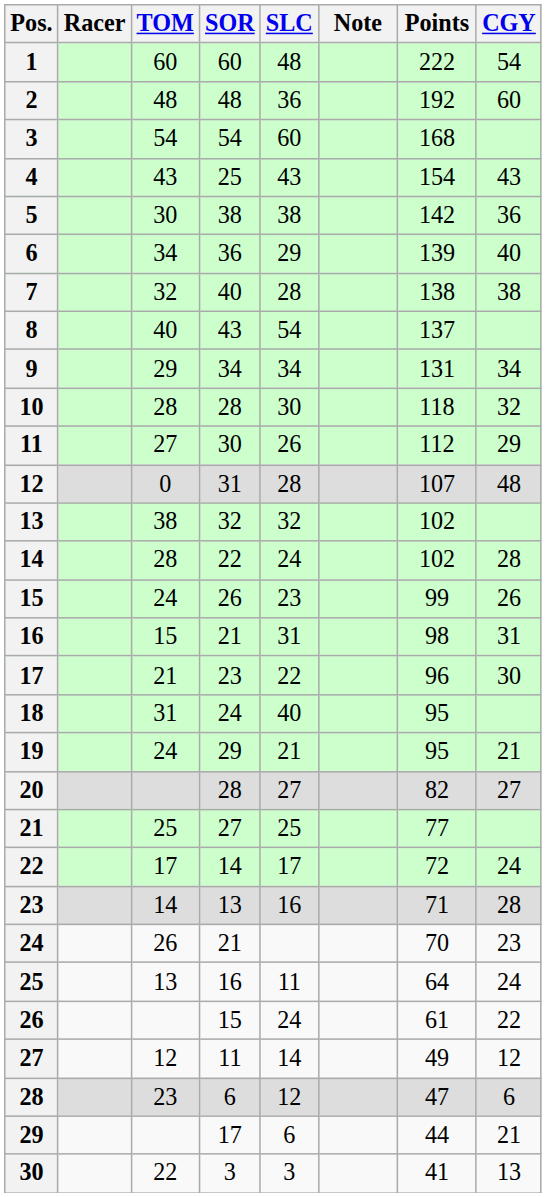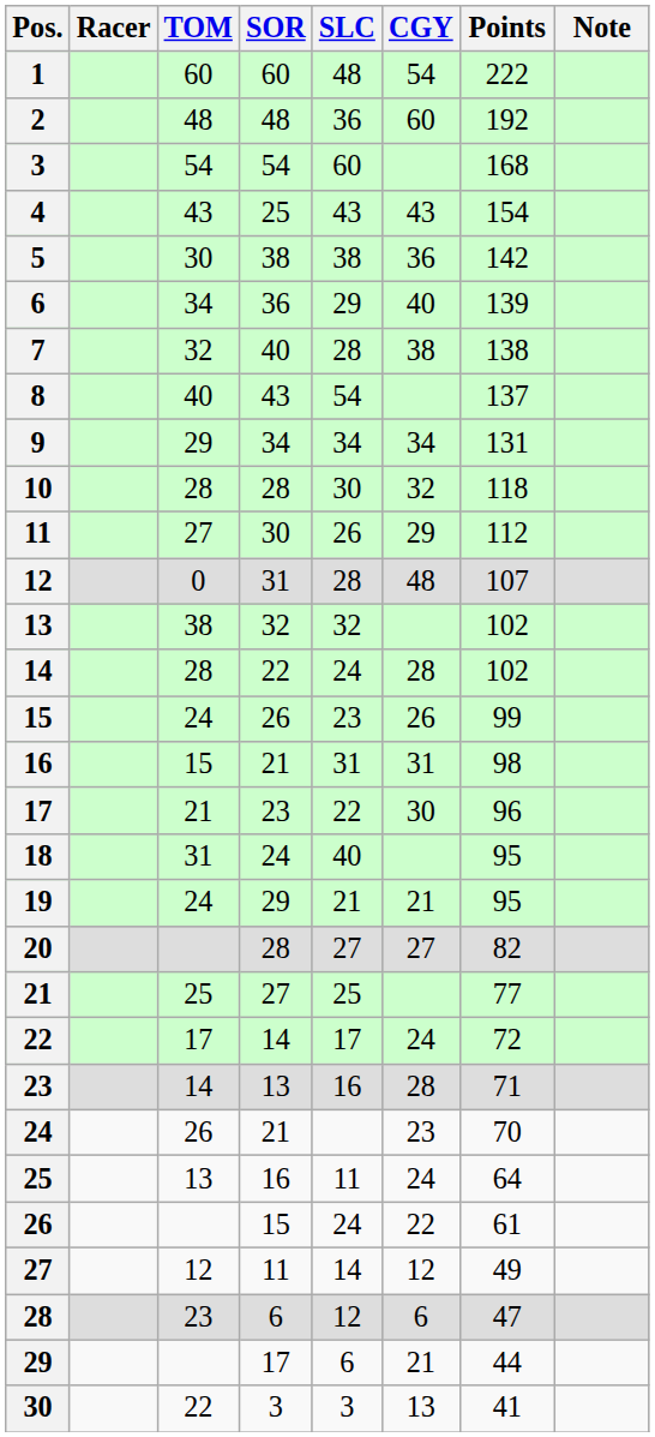 <table class="wikitable sortable plainrowheaders" style="text-align:center;">
 <tr>
 <th scope="col">Pos.</th>
 <th scope="col">Racer</th>
 <th scope="col"> <a href='#'>TOM</a></th>
 <th scope="col"> <a href='#'>SOR</a></th>
 <th scope="col"> <a href='#'>SLC</a></th>
+<th scope="col"> <a href='#'>CGY</a></th>
+<th style="width:45px;">Points</th>
 <th style="width:45px;">Note</th>
-<th style="width:45px;">Points</th>
-<th scope="col"> <a href='#'>CGY</a></th>
 </tr>
 <tr bgcolor=#ccffcc>
 <th style="text - align:center; ">1</th>
 <td align="left"></td>
 <td>60</td>
 <td>60</td>
 <td>48</td>
+<td>54</td>
+<td>222</td>
 <td></td>
-<td>222</td>
-<td>54</td>
 </tr>
 <tr bgcolor=#ccffcc>
 <th style="text - align:center; ">2</th>
 <td align="left"></td>
 <td>48</td>
 <td>48</td>
 <td>36</td>
+<td>60</td>
+<td>192</td>
 <td></td>
-<td>192</td>
-<td>60</td>
 </tr>
 <tr bgcolor=#ccffcc>
 <th style="text - align:center; ">3</th>
 <td align="left"></td>
 <td>54</td>
 <td>54</td>
 <td>60</td>
 <td></td>
 <td>168</td>
 <td></td>
 </tr>
 <tr bgcolor=#ccffcc>
 <th style="text - align:center; ">4</th>
 <td align="left"></td>
 <td>43</td>
 <td>25</td>
 <td>43</td>
+<td>43</td>
+<td>154</td>
 <td></td>
-<td>154</td>
-<td>43</td>
 </tr>
 <tr bgcolor=#ccffcc>
 <th style="text - align:center; ">5</th>
 <td align="left"></td>
 <td>30</td>
 <td>38</td>
 <td>38</td>
+<td>36</td>
+<td>142</td>
 <td></td>
-<td>142</td>
-<td>36</td>
 </tr>
 <tr bgcolor=#ccffcc>
 <th style="text - align:center; ">6</th>
 <td align="left"></td>
 <td>34</td>
 <td>36</td>
 <td>29</td>
+<td>40</td>
+<td>139</td>
 <td></td>
-<td>139</td>
-<td>40</td>
 </tr>
 <tr bgcolor=#ccffcc>
 <th style="text - align:center; ">7</th>
 <td align="left"></td>
 <td>32</td>
 <td>40</td>
 <td>28</td>
+<td>38</td>
+<td>138</td>
 <td></td>
-<td>138</td>
-<td>38</td>
 </tr>
 <tr bgcolor=#ccffcc>
 <th style="text - align:center; ">8</th>
 <td align="left"></td>
 <td>40</td>
 <td>43</td>
 <td>54</td>
 <td></td>
 <td>137</td>
 <td></td>
 </tr>
 <tr bgcolor=#ccffcc>
 <th style="text - align:center; ">9</th>
 <td align="left"></td>
 <td>29</td>
 <td>34</td>
 <td>34</td>
+<td>34</td>
+<td>131</td>
 <td></td>
-<td>131</td>
-<td>34</td>
 </tr>
 <tr bgcolor=#ccffcc>
 <th style="text - align:center; ">10</th>
 <td align="left"></td>
 <td>28</td>
 <td>28</td>
 <td>30</td>
+<td>32</td>
+<td>118</td>
 <td></td>
-<td>118</td>
-<td>32</td>
 </tr>
 <tr bgcolor=#ccffcc>
 <th style="text - align:center; ">11</th>
 <td align="left"></td>
 <td>27</td>
 <td>30</td>
 <td>26</td>
+<td>29</td>
+<td>112</td>
 <td></td>
-<td>112</td>
-<td>29</td>
 </tr>
 <tr bgcolor=#dddddd>
 <th style="text - align:center; ">12</th>
 <td align="left"></td>
 <td>0</td>
 <td>31</td>
 <td>28</td>
+<td>48</td>
+<td>107</td>
 <td></td>
-<td>107</td>
-<td>48</td>
 </tr>
 <tr bgcolor=#ccffcc>
 <th style="text - align:center; ">13</th>
 <td align="left"></td>
 <td>38</td>
 <td>32</td>
 <td>32</td>
 <td></td>
 <td>102</td>
 <td></td>
 </tr>
 <tr bgcolor=#ccffcc>
 <th style="text - align:center; ">14</th>
 <td align="left"></td>
 <td>28</td>
 <td>22</td>
 <td>24</td>
+<td>28</td>
+<td>102</td>
 <td></td>
-<td>102</td>
-<td>28</td>
 </tr>
 <tr bgcolor=#ccffcc>
 <th style="text - align:center; ">15</th>
 <td align="left"></td>
 <td>24</td>
 <td>26</td>
 <td>23</td>
+<td>26</td>
+<td>99</td>
 <td></td>
-<td>99</td>
-<td>26</td>
 </tr>
 <tr bgcolor=#ccffcc>
 <th style="text - align:center; ">16</th>
 <td align="left"></td>
 <td>15</td>
 <td>21</td>
 <td>31</td>
+<td>31</td>
+<td>98</td>
 <td></td>
-<td>98</td>
-<td>31</td>
 </tr>
 <tr bgcolor=#ccffcc>
 <th style="text - align:center; ">17</th>
 <td align="left"></td>
 <td>21</td>
 <td>23</td>
 <td>22</td>
+<td>30</td>
+<td>96</td>
 <td></td>
-<td>96</td>
-<td>30</td>
 </tr>
 <tr bgcolor=#ccffcc>
 <th style="text - align:center; ">18</th>
 <td align="left"></td>
 <td>31</td>
 <td>24</td>
 <td>40</td>
 <td></td>
 <td>95</td>
 <td></td>
 </tr>
 <tr bgcolor=#ccffcc>
 <th style="text - align:center; ">19</th>
 <td align="left"></td>
 <td>24</td>
 <td>29</td>
 <td>21</td>
+<td>21</td>
+<td>95</td>
 <td></td>
-<td>95</td>
-<td>21</td>
 </tr>
 <tr bgcolor=#dddddd>
 <th style="text - align:center; ">20</th>
 <td align="left"></td>
 <td></td>
 <td>28</td>
 <td>27</td>
+<td>27</td>
+<td>82</td>
 <td></td>
-<td>82</td>
-<td>27</td>
 </tr>
 <tr bgcolor=#ccffcc>
 <th style="text - align:center; ">21</th>
 <td align="left"></td>
 <td>25</td>
 <td>27</td>
 <td>25</td>
 <td></td>
 <td>77</td>
 <td></td>
 </tr>
 <tr bgcolor=#ccffcc>
 <th style="text - align:center; ">22</th>
 <td align="left"></td>
 <td>17</td>
 <td>14</td>
 <td>17</td>
+<td>24</td>
+<td>72</td>
 <td></td>
-<td>72</td>
-<td>24</td>
 </tr>
 <tr bgcolor=#dddddd>
 <th style="text - align:center; ">23</th>
 <td align="left"></td>
 <td>14</td>
 <td>13</td>
 <td>16</td>
+<td>28</td>
+<td>71</td>
 <td></td>
-<td>71</td>
-<td>28</td>
 </tr>
 <tr>
 <th style="text - align:center; ">24</th>
 <td align="left"></td>
 <td>26</td>
 <td>21</td>
 <td></td>
+<td>23</td>
+<td>70</td>
 <td></td>
-<td>70</td>
-<td>23</td>
 </tr>
 <tr>
 <th style="text - align:center; ">25</th>
 <td align="left"></td>
 <td>13</td>
 <td>16</td>
 <td>11</td>
+<td>24</td>
+<td>64</td>
 <td></td>
-<td>64</td>
-<td>24</td>
 </tr>
 <tr>
 <th style="text - align:center; ">26</th>
 <td align="left"></td>
 <td></td>
 <td>15</td>
 <td>24</td>
+<td>22</td>
+<td>61</td>
 <td></td>
-<td>61</td>
-<td>22</td>
 </tr>
 <tr>
 <th style="text - align:center; ">27</th>
 <td align="left"></td>
 <td>12</td>
 <td>11</td>
 <td>14</td>
+<td>12</td>
+<td>49</td>
 <td></td>
-<td>49</td>
-<td>12</td>
 </tr>
 <tr bgcolor=#dddddd>
 <th style="text - align:center; ">28</th>
 <td align="left"></td>
 <td>23</td>
 <td>6</td>
 <td>12</td>
+<td>6</td>
+<td>47</td>
 <td></td>
-<td>47</td>
-<td>6</td>
 </tr>
 <tr>
 <th style="text - align:center; ">29</th>
 <td align="left"></td>
 <td></td>
 <td>17</td>
 <td>6</td>
+<td>21</td>
+<td>44</td>
 <td></td>
-<td>44</td>
-<td>21</td>
 </tr>
 <tr>
 <th style="text - align:center; ">30</th>
 <td align="left"></td>
 <td>22</td>
 <td>3</td>
 <td>3</td>
+<td>13</td>
+<td>41</td>
 <td></td>
-<td>41</td>
-<td>13</td>
 </tr>
 </table>
